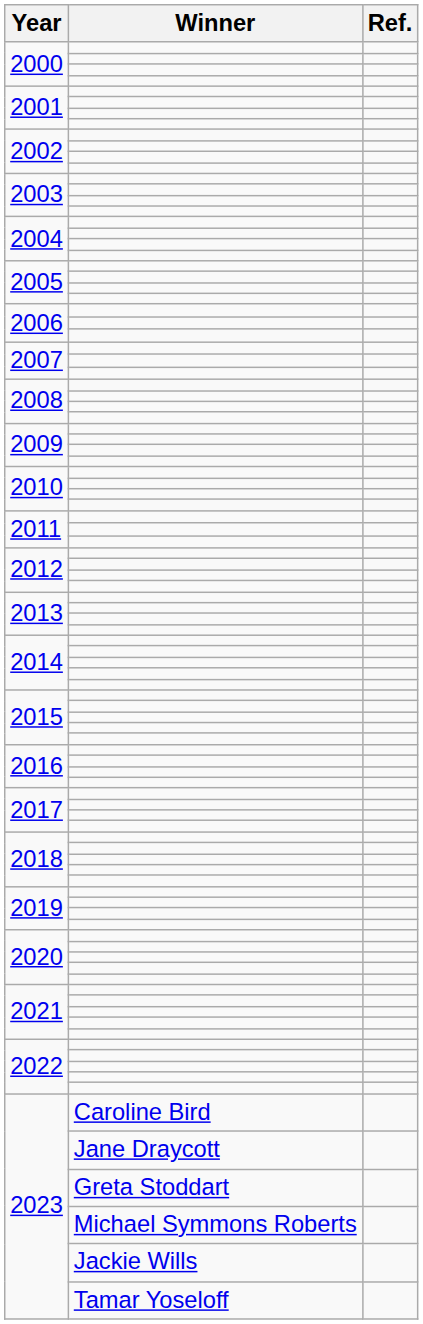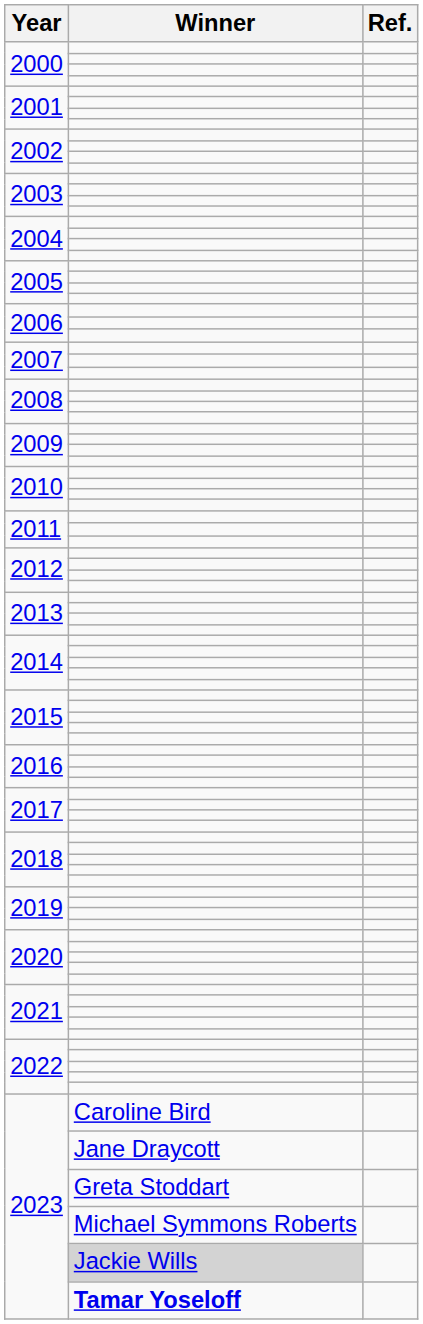 <table class="wikitable sortable mw-collapsible">
 <tr>
 <th>Year</th>
 <th>Winner</th>
 <th>Ref.</th>
 </tr>
 <tr>
 <td rowspan="4"><a href='#'>2000</a></td>
 <td></td>
 <td></td>
 </tr>
 <tr>
 <td></td>
 <td></td>
 </tr>
 <tr>
 <td></td>
 <td></td>
 </tr>
 <tr>
 <td></td>
 <td></td>
 </tr>
 <tr>
 <td rowspan="4"><a href='#'>2001</a></td>
 <td></td>
 <td></td>
 </tr>
 <tr>
 <td></td>
 <td></td>
 </tr>
 <tr>
 <td></td>
 <td></td>
 </tr>
 <tr>
 <td></td>
 <td></td>
 </tr>
 <tr>
 <td rowspan="4"><a href='#'>2002</a></td>
 <td></td>
 <td></td>
 </tr>
 <tr>
 <td></td>
 <td></td>
 </tr>
 <tr>
 <td></td>
 <td></td>
 </tr>
 <tr>
 <td></td>
 <td></td>
 </tr>
 <tr>
 <td rowspan="4"><a href='#'>2003</a></td>
 <td></td>
 <td></td>
 </tr>
 <tr>
 <td></td>
 <td></td>
 </tr>
 <tr>
 <td></td>
 <td></td>
 </tr>
 <tr>
 <td></td>
 <td></td>
 </tr>
 <tr>
 <td rowspan="4"><a href='#'>2004</a></td>
 <td></td>
 <td></td>
 </tr>
 <tr>
 <td></td>
 <td></td>
 </tr>
 <tr>
 <td></td>
 <td></td>
 </tr>
 <tr>
 <td></td>
 <td></td>
 </tr>
 <tr>
 <td rowspan="4"><a href='#'>2005</a></td>
 <td></td>
 <td></td>
 </tr>
 <tr>
 <td></td>
 <td></td>
 </tr>
 <tr>
 <td></td>
 <td></td>
 </tr>
 <tr>
 <td></td>
 <td></td>
 </tr>
 <tr>
 <td rowspan="3"><a href='#'>2006</a></td>
 <td></td>
 <td></td>
 </tr>
 <tr>
 <td></td>
 <td></td>
 </tr>
 <tr>
 <td></td>
 <td></td>
 </tr>
 <tr>
 <td rowspan="3"><a href='#'>2007</a></td>
 <td></td>
 <td></td>
 </tr>
 <tr>
 <td></td>
 <td></td>
 </tr>
 <tr>
 <td></td>
 <td></td>
 </tr>
 <tr>
 <td rowspan="4"><a href='#'>2008</a></td>
 <td></td>
 <td></td>
 </tr>
 <tr>
 <td></td>
 <td></td>
 </tr>
 <tr>
 <td></td>
 <td></td>
 </tr>
 <tr>
 <td></td>
 <td></td>
 </tr>
 <tr>
 <td rowspan="4"><a href='#'>2009</a></td>
 <td></td>
 <td></td>
 </tr>
 <tr>
 <td></td>
 <td></td>
 </tr>
 <tr>
 <td></td>
 <td></td>
 </tr>
 <tr>
 <td></td>
 <td></td>
 </tr>
 <tr>
 <td rowspan="4"><a href='#'>2010</a></td>
 <td></td>
 <td></td>
 </tr>
 <tr>
 <td></td>
 <td></td>
 </tr>
 <tr>
 <td></td>
 <td></td>
 </tr>
 <tr>
 <td></td>
 <td></td>
 </tr>
 <tr>
 <td rowspan="3"><a href='#'>2011</a></td>
 <td></td>
 <td></td>
 </tr>
 <tr>
 <td></td>
 <td></td>
 </tr>
 <tr>
 <td></td>
 <td></td>
 </tr>
 <tr>
 <td rowspan="4"><a href='#'>2012</a></td>
 <td></td>
 <td></td>
 </tr>
 <tr>
 <td></td>
 <td></td>
 </tr>
 <tr>
 <td></td>
 <td></td>
 </tr>
 <tr>
 <td></td>
 <td></td>
 </tr>
 <tr>
 <td rowspan="4"><a href='#'>2013</a></td>
 <td></td>
 <td></td>
 </tr>
 <tr>
 <td></td>
 <td></td>
 </tr>
 <tr>
 <td></td>
 <td></td>
 </tr>
 <tr>
 <td></td>
 <td></td>
 </tr>
 <tr>
 <td rowspan="5"><a href='#'>2014</a></td>
 <td></td>
 <td></td>
 </tr>
 <tr>
 <td></td>
 <td></td>
 </tr>
 <tr>
 <td></td>
 <td></td>
 </tr>
 <tr>
 <td></td>
 <td></td>
 </tr>
 <tr>
 <td></td>
 <td></td>
 </tr>
 <tr>
 <td rowspan="5"><a href='#'>2015</a></td>
 <td></td>
 <td></td>
 </tr>
 <tr>
 <td></td>
 <td></td>
 </tr>
 <tr>
 <td></td>
 <td></td>
 </tr>
 <tr>
 <td></td>
 <td></td>
 </tr>
 <tr>
 <td></td>
 <td></td>
 </tr>
 <tr>
 <td rowspan="4"><a href='#'>2016</a></td>
 <td></td>
 <td></td>
 </tr>
 <tr>
 <td></td>
 <td></td>
 </tr>
 <tr>
 <td></td>
 <td></td>
 </tr>
 <tr>
 <td></td>
 <td></td>
 </tr>
 <tr>
 <td rowspan="4"><a href='#'>2017</a></td>
 <td></td>
 <td></td>
 </tr>
 <tr>
 <td></td>
 <td></td>
 </tr>
 <tr>
 <td></td>
 <td></td>
 </tr>
 <tr>
 <td></td>
 <td></td>
 </tr>
 <tr>
 <td rowspan="5"><a href='#'>2018</a></td>
 <td></td>
 <td></td>
 </tr>
 <tr>
 <td></td>
 <td></td>
 </tr>
 <tr>
 <td></td>
 <td></td>
 </tr>
 <tr>
 <td></td>
 <td></td>
 </tr>
 <tr>
 <td></td>
 <td></td>
 </tr>
 <tr>
 <td rowspan="4"><a href='#'>2019</a></td>
 <td></td>
 <td></td>
 </tr>
 <tr>
 <td></td>
 <td></td>
 </tr>
 <tr>
 <td></td>
 <td></td>
 </tr>
 <tr>
 <td></td>
 <td></td>
 </tr>
 <tr>
 <td rowspan="5"><a href='#'>2020</a></td>
 <td></td>
 <td></td>
 </tr>
 <tr>
 <td></td>
 <td></td>
 </tr>
 <tr>
 <td></td>
 <td></td>
 </tr>
 <tr>
 <td></td>
 <td></td>
 </tr>
 <tr>
 <td></td>
 <td></td>
 </tr>
 <tr>
 <td rowspan="5"><a href='#'>2021</a></td>
 <td></td>
 <td></td>
 </tr>
 <tr>
 <td></td>
 <td></td>
 </tr>
 <tr>
 <td></td>
 <td></td>
 </tr>
 <tr>
 <td></td>
 <td></td>
 </tr>
 <tr>
 <td></td>
 <td></td>
 </tr>
 <tr>
 <td rowspan="5"><a href='#'>2022</a></td>
 <td></td>
 <td></td>
 </tr>
 <tr>
 <td></td>
 <td></td>
 </tr>
 <tr>
 <td></td>
 <td></td>
 </tr>
 <tr>
 <td></td>
 <td></td>
 </tr>
 <tr>
 <td></td>
 <td></td>
 </tr>
 <tr>
 <td rowspan="6"><a href='#'>2023</a></td>
 <td><a href='#'>Caroline Bird</a></td>
 <td></td>
 </tr>
 <tr>
 <td><a href='#'>Jane Draycott</a></td>
 <td></td>
 </tr>
 <tr>
 <td><a href='#'>Greta Stoddart</a></td>
 <td></td>
 </tr>
 <tr>
 <td><a href='#'>Michael Symmons Roberts</a></td>
 <td></td>
 </tr>
 <tr>
-<td><a href='#'>Jackie Wills</a></td>
+<td style="background: lightgrey;"><a href='#'>Jackie Wills</a></td>
 <td></td>
 </tr>
 <tr>
-<td><a href='#'>Tamar Yoseloff</a></td>
+<td><strong><a href='#'>Tamar Yoseloff</a></strong></td>
 <td></td>
 </tr>
 </table>
